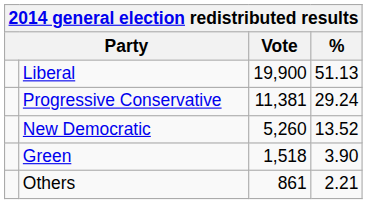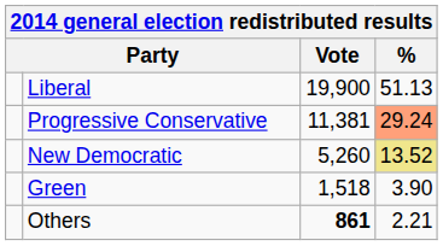 <table class="wikitable">
 <tr>
 <th colspan="4"><a href='#'>2014 general election</a> redistributed results</th>
 </tr>
 <tr>
 <th bgcolor="#DDDDFF" width="130px" colspan="2">Party</th>
 <th bgcolor="#DDDDFF" width="50px">Vote</th>
 <th bgcolor="#DDDDFF" width="30px">%</th>
 </tr>
 <tr>
 <td> </td>
 <td><a href='#'>Liberal</a></td>
 <td align=right>19,900</td>
 <td align=right>51.13</td>
 </tr>
 <tr>
 <td> </td>
 <td><a href='#'>Progressive Conservative</a></td>
 <td align=right>11,381</td>
-<td align=right>29.24</td>
+<td align=right style="background: lightsalmon;">29.24</td>
 </tr>
 <tr>
 <td> </td>
 <td><a href='#'>New Democratic</a></td>
 <td align=right>5,260</td>
-<td align=right>13.52</td>
+<td align=right style="background: khaki;">13.52</td>
 </tr>
 <tr>
 <td> </td>
 <td><a href='#'>Green</a></td>
 <td align=right>1,518</td>
 <td align=right>3.90</td>
 </tr>
 <tr>
 <td> </td>
 <td>Others</td>
-<td align=right>861</td>
+<td align=right><strong>861</strong></td>
 <td align=right>2.21</td>
 </tr>
 </table>
